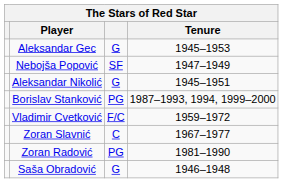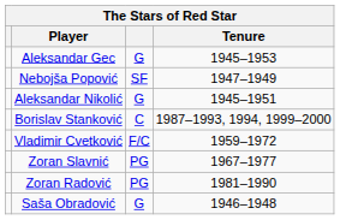 <table class="wikitable sortable" style="text-align:center; font-size:95%;">
 <tr>
 <th colspan=4>The Stars of Red Star</th>
 </tr>
 <tr>
 <th></th>
 <th>Player</th>
 <th></th>
 <th>Tenure</th>
 </tr>
 <tr>
 <td></td>
 <td><a href='#'>Aleksandar Gec</a></td>
 <td><a href='#'>G</a></td>
 <td>1945–1953</td>
 </tr>
 <tr>
 <td></td>
 <td><a href='#'>Nebojša Popović</a></td>
 <td><a href='#'>SF</a></td>
 <td>1947–1949</td>
 </tr>
 <tr>
 <td></td>
 <td><a href='#'>Aleksandar Nikolić</a></td>
 <td><a href='#'>G</a></td>
 <td>1945–1951</td>
 </tr>
 <tr>
 <td></td>
 <td><a href='#'>Borislav Stanković</a></td>
-<td><a href='#'>PG</a></td>
+<td><a href='#'>C</a></td>
 <td>1987–1993, 1994, 1999–2000</td>
 </tr>
 <tr>
 <td></td>
 <td><a href='#'>Vladimir Cvetković</a></td>
 <td><a href='#'>F/C</a></td>
 <td>1959–1972</td>
 </tr>
 <tr>
 <td></td>
 <td><a href='#'>Zoran Slavnić</a></td>
-<td><a href='#'>C</a></td>
+<td><a href='#'>PG</a></td>
 <td>1967–1977</td>
 </tr>
 <tr>
 <td></td>
 <td><a href='#'>Zoran Radović</a></td>
 <td><a href='#'>PG</a></td>
 <td>1981–1990</td>
 </tr>
 <tr>
 <td></td>
 <td><a href='#'>Saša Obradović</a></td>
 <td><a href='#'>G</a></td>
 <td>1946–1948</td>
 </tr>
 </table>
